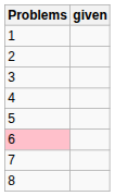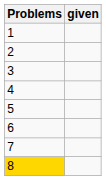 <table class="wikitable">
 <tr>
 <th>Problems</th>
 <th>given</th>
 </tr>
 <tr>
 <td>1</td>
 <td></td>
 </tr>
 <tr>
 <td>2</td>
 <td></td>
 </tr>
 <tr>
 <td>3</td>
 <td></td>
 </tr>
 <tr>
 <td>4</td>
 <td></td>
 </tr>
 <tr>
 <td>5</td>
 <td></td>
 </tr>
 <tr>
-<td style="background: pink;">6</td>
+<td>6</td>
 <td></td>
 </tr>
 <tr>
 <td>7</td>
 <td></td>
 </tr>
 <tr>
-<td>8</td>
+<td style="background: gold;">8</td>
 <td></td>
 </tr>
 </table>
